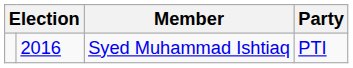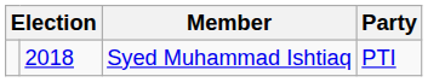 <table class="wikitable">
 <tr>
 <th colspan="2">Election</th>
 <th>Member</th>
 <th>Party</th>
 </tr>
 <tr>
 <td style="background-color: "></td>
-<td><a href='#'>2016</a></td>
+<td><a href='#'>2018</a></td>
 <td><a href='#'>Syed Muhammad Ishtiaq</a></td>
 <td><a href='#'>PTI</a></td>
 </tr>
 </table>
